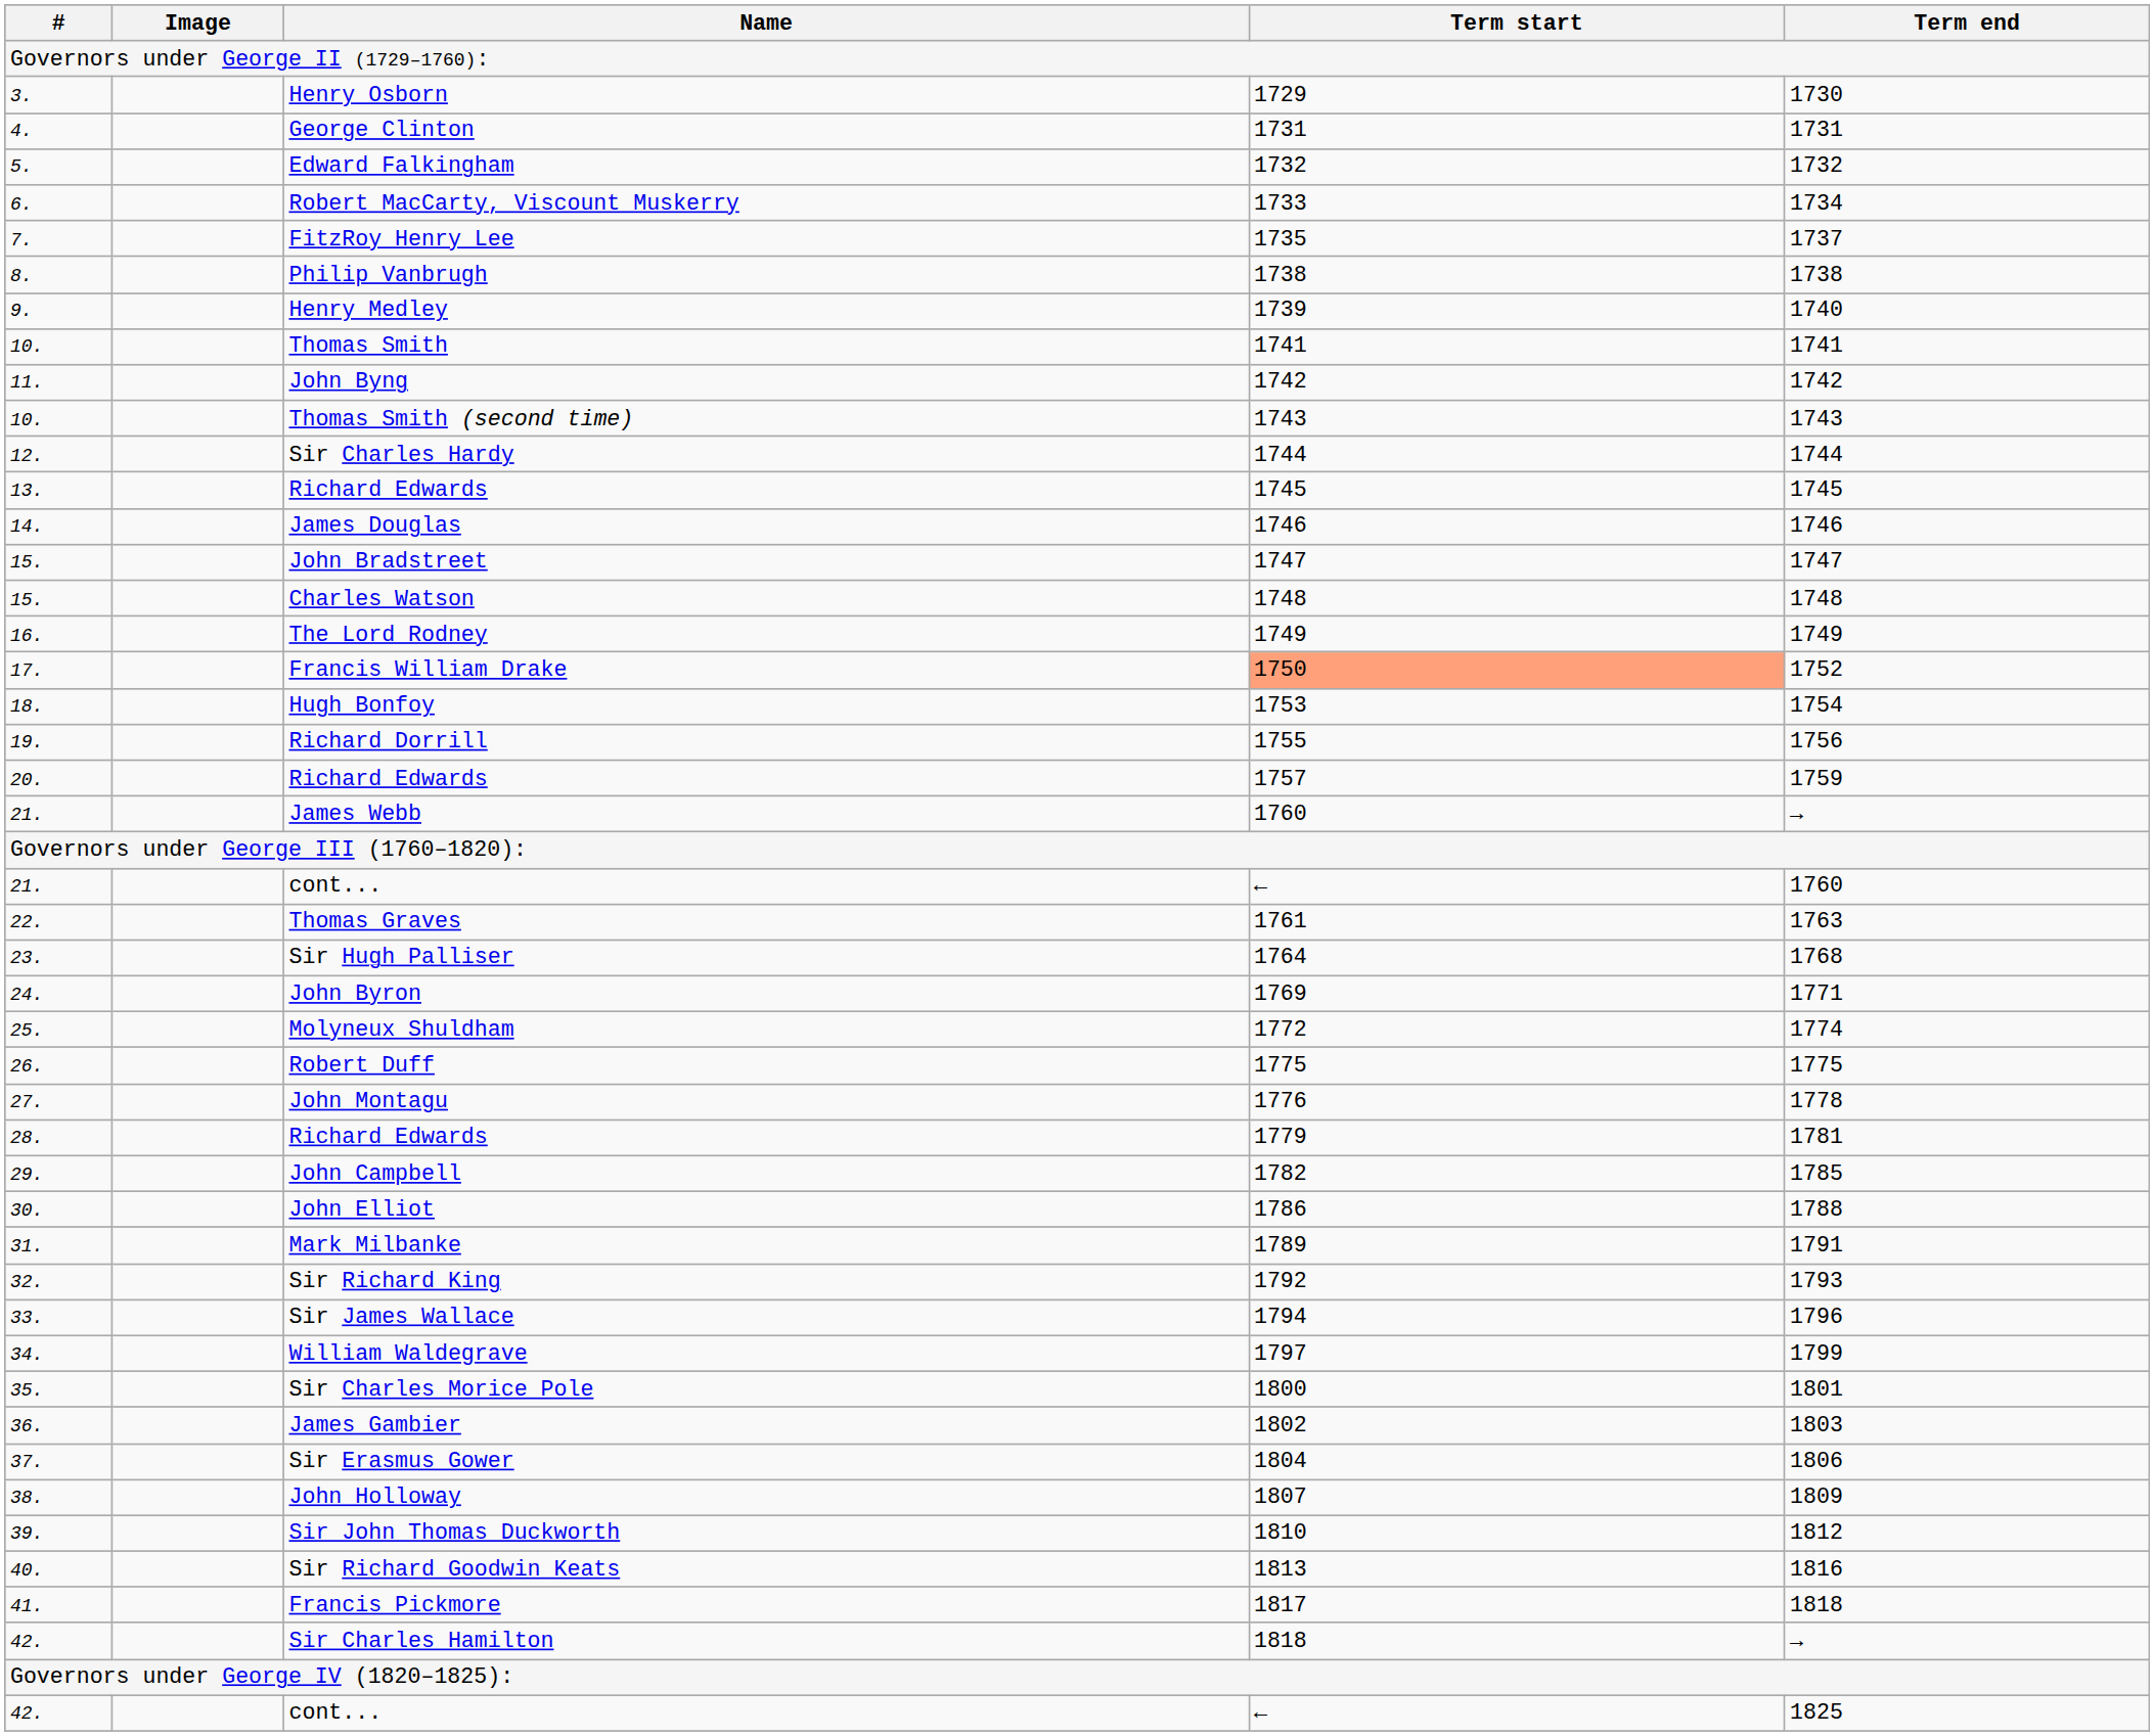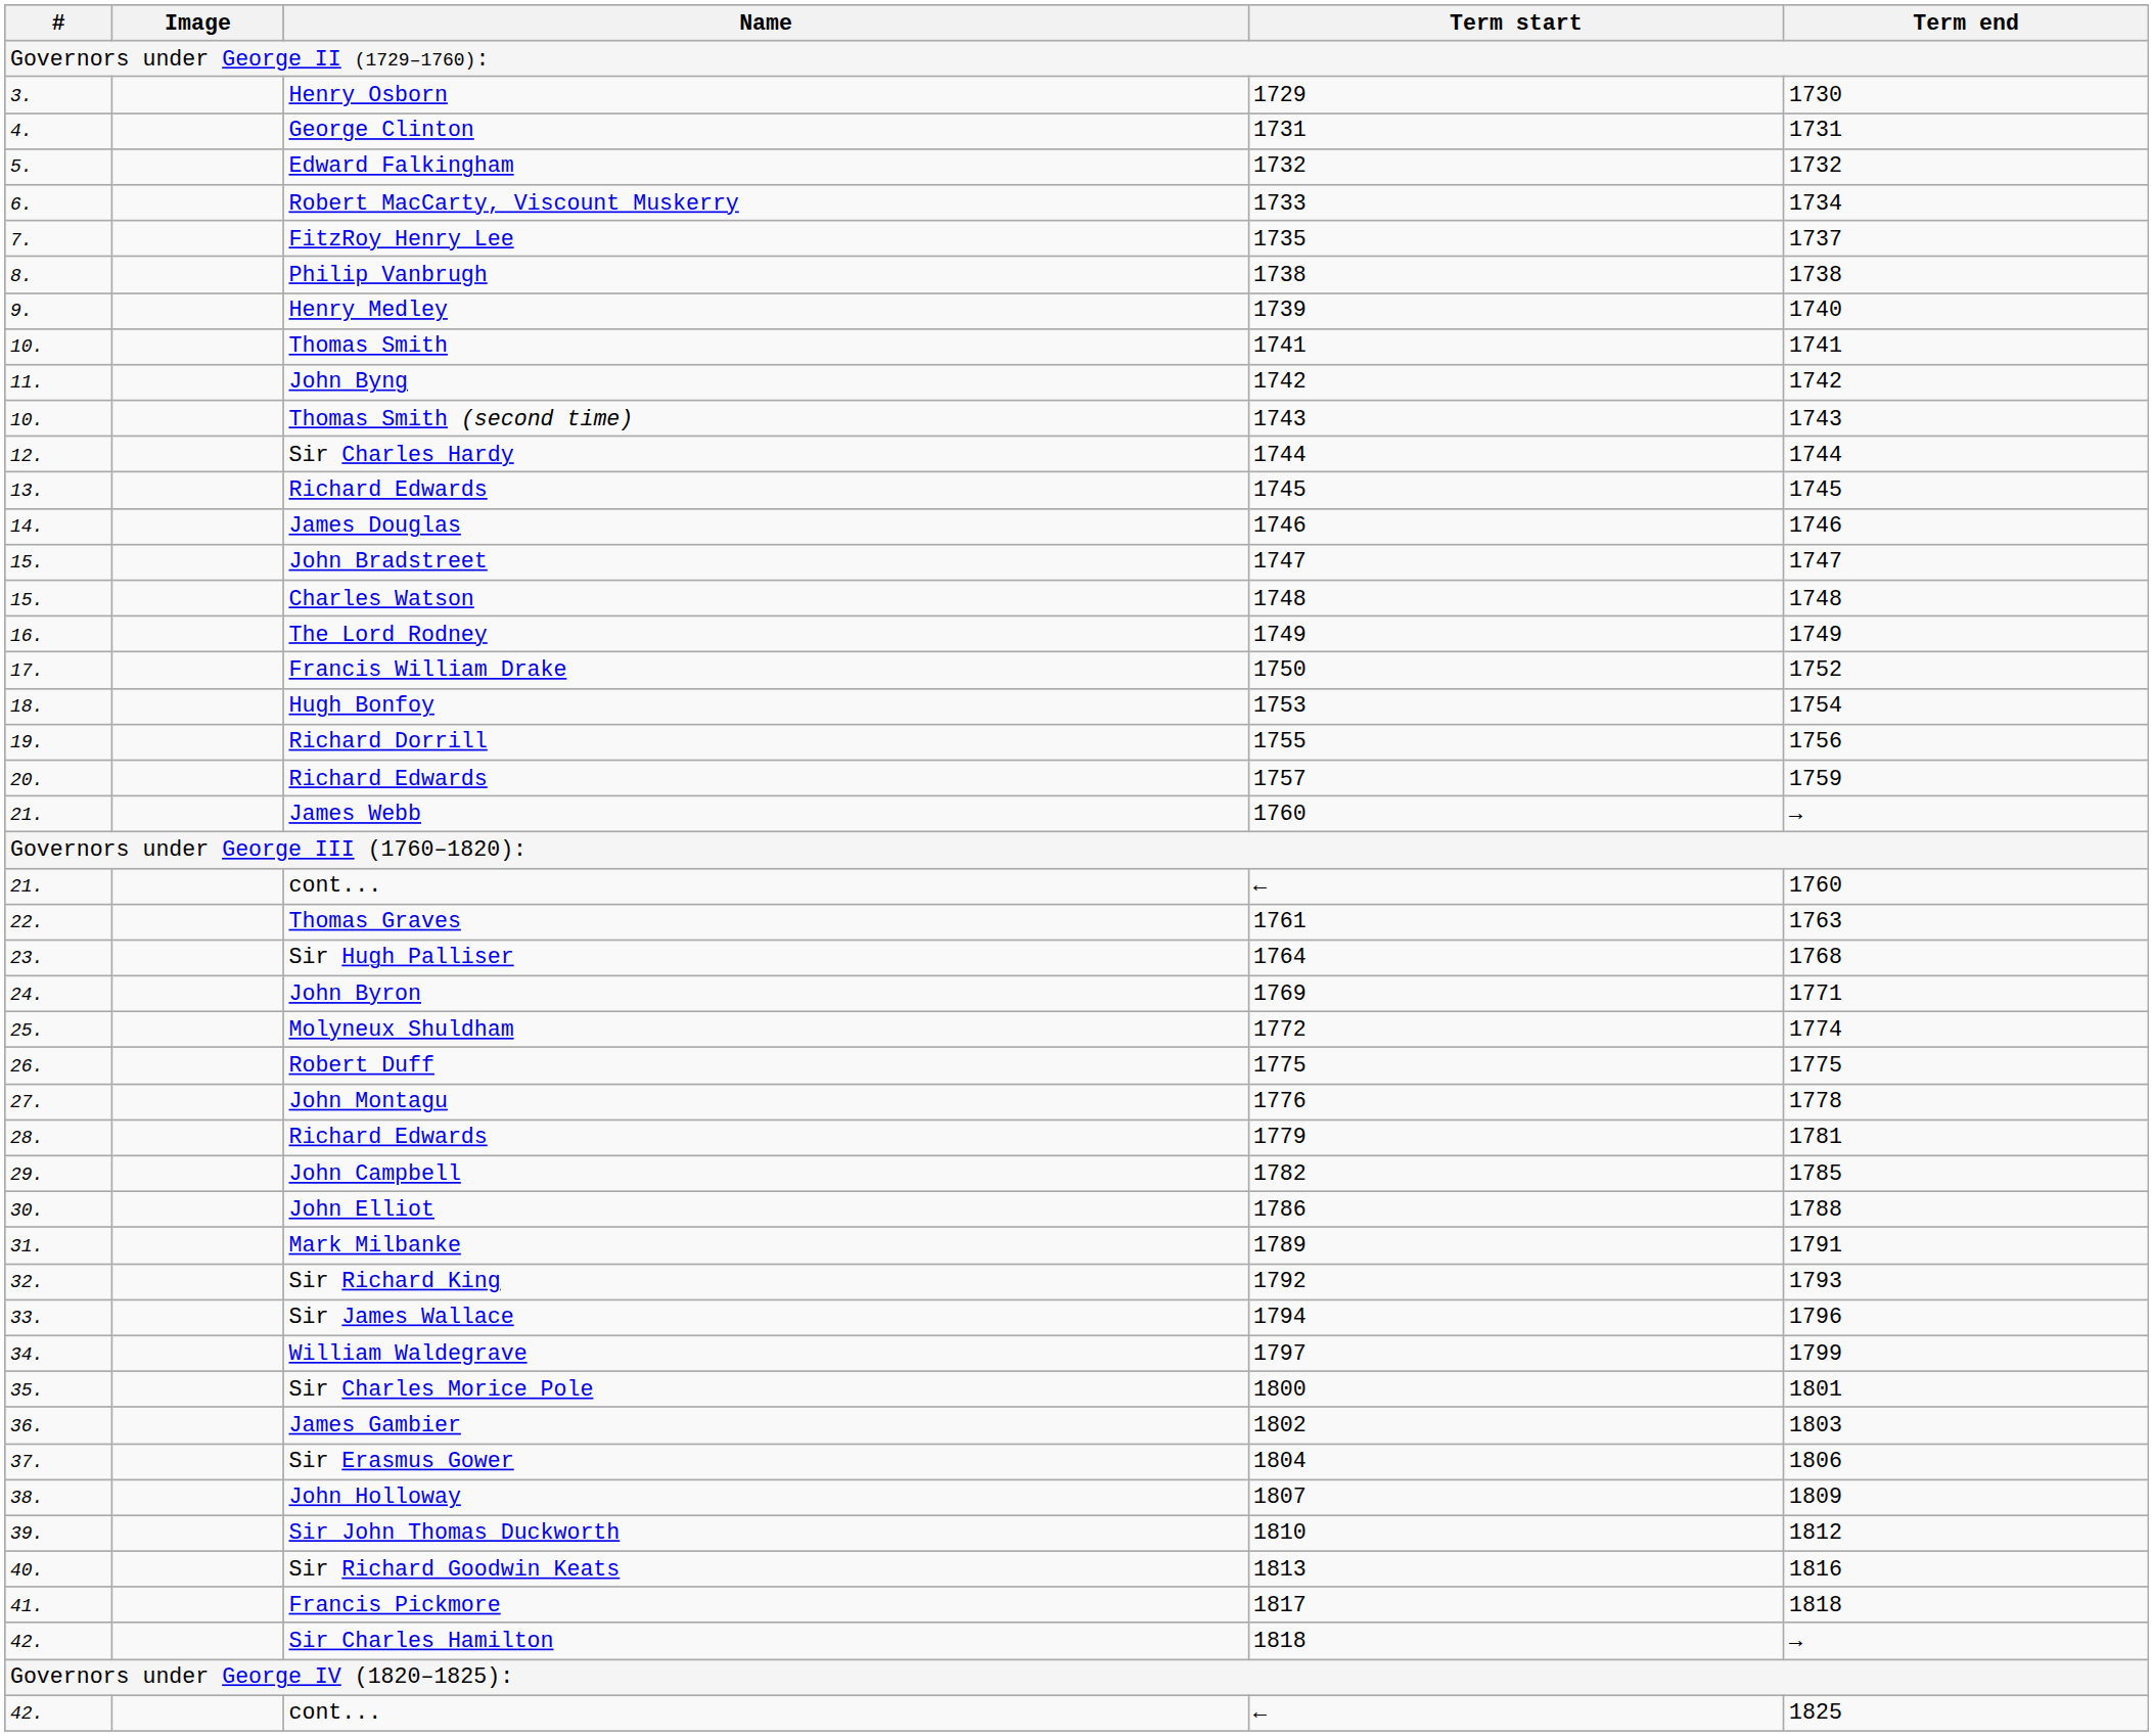 <table class="wikitable" style="width:100%">
 <tr>
 <th width="5%">#</th>
 <th width="8%">Image</th>
 <th width="45%">Name</th>
 <th width="25%">Term start</th>
 <th width="25%">Term end</th>
 </tr>
 <tr bgcolor="#F5F5F5">
 <td colspan="5" align="left"><span>Governors under <a href='#'>George II</a> <small>(1729–1760)</small>:</span></td>
 </tr>
 <tr>
 <td><small><em>3.</em></small></td>
 <td></td>
 <td><a href='#'>Henry Osborn</a></td>
 <td>1729</td>
 <td>1730</td>
 </tr>
 <tr>
 <td><small><em>4.</em></small></td>
 <td></td>
 <td><a href='#'>George Clinton</a></td>
 <td>1731</td>
 <td>1731</td>
 </tr>
 <tr>
 <td><small><em>5.</em></small></td>
 <td></td>
 <td><a href='#'>Edward Falkingham</a></td>
 <td>1732</td>
 <td>1732</td>
 </tr>
 <tr>
 <td><small><em>6.</em></small></td>
 <td></td>
 <td><a href='#'>Robert MacCarty, Viscount Muskerry</a></td>
 <td>1733</td>
 <td>1734</td>
 </tr>
 <tr>
 <td><small><em>7.</em></small></td>
 <td></td>
 <td><a href='#'>FitzRoy Henry Lee</a></td>
 <td>1735</td>
 <td>1737</td>
 </tr>
 <tr>
 <td><small><em>8.</em></small></td>
 <td></td>
 <td><a href='#'>Philip Vanbrugh</a></td>
 <td>1738</td>
 <td>1738</td>
 </tr>
 <tr>
 <td><small><em>9.</em></small></td>
 <td></td>
 <td><a href='#'>Henry Medley</a></td>
 <td>1739</td>
 <td>1740</td>
 </tr>
 <tr>
 <td><small><em>10.</em></small></td>
 <td></td>
 <td><a href='#'>Thomas Smith</a></td>
 <td>1741</td>
 <td>1741</td>
 </tr>
 <tr>
 <td><small><em>11.</em></small></td>
 <td></td>
 <td><a href='#'>John Byng</a></td>
 <td>1742</td>
 <td>1742</td>
 </tr>
 <tr>
 <td><small><em>10.</em></small></td>
 <td></td>
 <td><a href='#'>Thomas Smith</a> <em>(second time)</em></td>
 <td>1743</td>
 <td>1743</td>
 </tr>
 <tr>
 <td><small><em>12.</em></small></td>
 <td></td>
 <td>Sir <a href='#'>Charles Hardy</a></td>
 <td>1744</td>
 <td>1744</td>
 </tr>
 <tr>
 <td><small><em>13.</em></small></td>
 <td></td>
 <td><a href='#'>Richard Edwards</a></td>
 <td>1745</td>
 <td>1745</td>
 </tr>
 <tr>
 <td><small><em>14.</em></small></td>
 <td></td>
 <td><a href='#'>James Douglas</a> </td>
 <td>1746</td>
 <td>1746</td>
 </tr>
 <tr>
 <td><small><em>15.</em></small></td>
 <td></td>
 <td><a href='#'>John Bradstreet</a></td>
 <td>1747</td>
 <td>1747</td>
 </tr>
 <tr>
 <td><small><em>15.</em></small></td>
 <td></td>
 <td><a href='#'>Charles Watson</a></td>
 <td>1748</td>
 <td>1748</td>
 </tr>
 <tr>
 <td><small><em>16.</em></small></td>
 <td></td>
 <td><a href='#'>The Lord Rodney</a></td>
 <td>1749</td>
 <td>1749</td>
 </tr>
 <tr>
 <td><small><em>17.</em></small></td>
 <td></td>
 <td><a href='#'>Francis William Drake</a></td>
-<td style="background: lightsalmon;">1750</td>
+<td>1750</td>
 <td>1752</td>
 </tr>
 <tr>
 <td><small><em>18.</em></small></td>
 <td></td>
 <td><a href='#'>Hugh Bonfoy</a></td>
 <td>1753</td>
 <td>1754</td>
 </tr>
 <tr>
 <td><small><em>19.</em></small></td>
 <td></td>
 <td><a href='#'>Richard Dorrill</a></td>
 <td>1755</td>
 <td>1756</td>
 </tr>
 <tr>
 <td><small><em>20.</em></small></td>
 <td></td>
 <td><a href='#'>Richard Edwards</a></td>
 <td>1757</td>
 <td>1759</td>
 </tr>
 <tr>
 <td><small><em>21.</em></small></td>
 <td></td>
 <td><a href='#'>James Webb</a></td>
 <td>1760</td>
 <td>→</td>
 </tr>
 <tr bgcolor="#F5F5F5">
 <td colspan="5" align="left"><span>Governors under <a href='#'>George III</a> (1760–1820):</span></td>
 </tr>
 <tr>
 <td><small><em>21.</em></small></td>
 <td></td>
 <td>cont...</td>
 <td>←</td>
 <td>1760</td>
 </tr>
 <tr>
 <td><small><em>22.</em></small></td>
 <td></td>
 <td><a href='#'>Thomas Graves</a></td>
 <td>1761</td>
 <td>1763</td>
 </tr>
 <tr>
 <td><small><em>23.</em></small></td>
 <td></td>
 <td>Sir <a href='#'>Hugh Palliser</a></td>
 <td>1764</td>
 <td>1768</td>
 </tr>
 <tr>
 <td><small><em>24.</em></small></td>
 <td></td>
 <td><a href='#'>John Byron</a></td>
 <td>1769</td>
 <td>1771</td>
 </tr>
 <tr>
 <td><small><em>25.</em></small></td>
 <td></td>
 <td><a href='#'>Molyneux Shuldham</a></td>
 <td>1772</td>
 <td>1774</td>
 </tr>
 <tr>
 <td><small><em>26.</em></small></td>
 <td></td>
 <td><a href='#'>Robert Duff</a></td>
 <td>1775</td>
 <td>1775</td>
 </tr>
 <tr>
 <td><small><em>27.</em></small></td>
 <td></td>
 <td><a href='#'>John Montagu</a></td>
 <td>1776</td>
 <td>1778</td>
 </tr>
 <tr>
 <td><small><em>28.</em></small></td>
 <td></td>
 <td><a href='#'>Richard Edwards</a></td>
 <td>1779</td>
 <td>1781</td>
 </tr>
 <tr>
 <td><small><em>29.</em></small></td>
 <td></td>
 <td><a href='#'>John Campbell</a></td>
 <td>1782</td>
 <td>1785</td>
 </tr>
 <tr>
 <td><small><em>30.</em></small></td>
 <td></td>
 <td><a href='#'>John Elliot</a></td>
 <td>1786</td>
 <td>1788</td>
 </tr>
 <tr>
 <td><small><em>31.</em></small></td>
 <td></td>
 <td><a href='#'>Mark Milbanke</a></td>
 <td>1789</td>
 <td>1791</td>
 </tr>
 <tr>
 <td><small><em>32.</em></small></td>
 <td></td>
 <td>Sir <a href='#'>Richard King</a> </td>
 <td>1792</td>
 <td>1793</td>
 </tr>
 <tr>
 <td><small><em>33.</em></small></td>
 <td></td>
 <td>Sir <a href='#'>James Wallace</a></td>
 <td>1794</td>
 <td>1796</td>
 </tr>
 <tr>
 <td><small><em>34.</em></small></td>
 <td></td>
 <td><a href='#'>William Waldegrave</a></td>
 <td>1797</td>
 <td>1799</td>
 </tr>
 <tr>
 <td><small><em>35.</em></small></td>
 <td></td>
 <td>Sir <a href='#'>Charles Morice Pole</a> </td>
 <td>1800</td>
 <td>1801</td>
 </tr>
 <tr>
 <td><small><em>36.</em></small></td>
 <td></td>
 <td><a href='#'>James Gambier</a></td>
 <td>1802</td>
 <td>1803</td>
 </tr>
 <tr>
 <td><small><em>37.</em></small></td>
 <td></td>
 <td>Sir <a href='#'>Erasmus Gower</a></td>
 <td>1804</td>
 <td>1806</td>
 </tr>
 <tr>
 <td><small><em>38.</em></small></td>
 <td></td>
 <td><a href='#'>John Holloway</a></td>
 <td>1807</td>
 <td>1809</td>
 </tr>
 <tr>
 <td><small><em>39.</em></small></td>
 <td></td>
 <td><a href='#'>Sir John Thomas Duckworth</a> </td>
 <td>1810</td>
 <td>1812</td>
 </tr>
 <tr>
 <td><small><em>40.</em></small></td>
 <td></td>
 <td>Sir <a href='#'>Richard Goodwin Keats</a></td>
 <td>1813</td>
 <td>1816</td>
 </tr>
 <tr>
 <td><small><em>41.</em></small></td>
 <td></td>
 <td><a href='#'>Francis Pickmore</a></td>
 <td>1817</td>
 <td>1818</td>
 </tr>
 <tr>
 <td><small><em>42.</em></small></td>
 <td></td>
 <td><a href='#'>Sir Charles Hamilton</a> </td>
 <td>1818</td>
 <td>→</td>
 </tr>
 <tr bgcolor="#F5F5F5">
 <td colspan="5" align="left"><span>Governors under <a href='#'>George IV</a> (1820–1825):</span></td>
 </tr>
 <tr>
 <td><small><em>42.</em></small></td>
 <td></td>
 <td>cont...</td>
 <td>←</td>
 <td>1825</td>
 </tr>
 </table>
